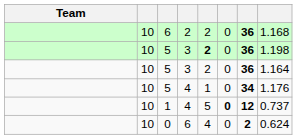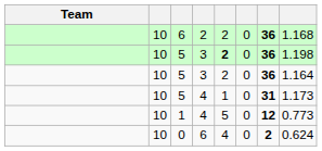 <table class="wikitable" style="text-align:center;">
 <tr>
 <th width=175>Team</th>
 <th style="width:20px;"></th>
 <th style="width:20px;"></th>
 <th style="width:20px;"></th>
 <th style="width:20px;"></th>
 <th style="width:20px;"></th>
 <th style="width:20px;"></th>
 <th style="width:40px;"></th>
 </tr>
 <tr style="background:#cfc">
 <td style="text-align:left;"></td>
 <td>10</td>
 <td>6</td>
 <td>2</td>
 <td>2</td>
 <td>0</td>
 <td><strong>36</strong></td>
 <td>1.168</td>
 </tr>
 <tr style="background:#cfc">
 <td style="text-align:left;"></td>
 <td>10</td>
 <td>5</td>
 <td>3</td>
 <td><strong>2</strong></td>
 <td>0</td>
 <td><strong>36</strong></td>
 <td>1.198</td>
 </tr>
 <tr style="background:#f9f9f9;">
 <td style="text-align:left;"></td>
 <td>10</td>
 <td>5</td>
 <td>3</td>
 <td>2</td>
 <td>0</td>
 <td><strong>36</strong></td>
 <td>1.164</td>
 </tr>
 <tr style="background:#f9f9f9;">
 <td style="text-align:left;"></td>
 <td>10</td>
 <td>5</td>
 <td>4</td>
 <td>1</td>
 <td>0</td>
-<td><strong>34</strong></td>
-<td>1.176</td>
+<td><strong>31</strong></td>
+<td>1.173</td>
 </tr>
 <tr style="background:#f9f9f9;">
 <td style="text-align:left;"></td>
 <td>10</td>
 <td>1</td>
 <td>4</td>
 <td>5</td>
-<td><strong>0</strong></td>
+<td>0</td>
 <td><strong>12</strong></td>
-<td>0.737</td>
+<td>0.773</td>
 </tr>
 <tr style="background:#f9f9f9;">
 <td style="text-align:left;"></td>
 <td>10</td>
 <td>0</td>
 <td>6</td>
 <td>4</td>
 <td>0</td>
 <td><strong>2</strong></td>
 <td>0.624</td>
 </tr>
 </table>
